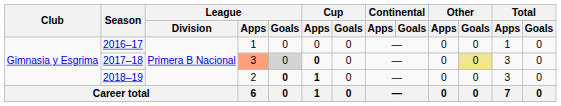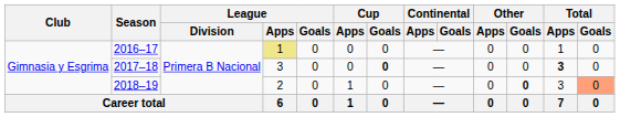 <table class="wikitable" style="text-align:center">
 <tr>
 <th rowspan="2">Club</th>
 <th rowspan="2">Season</th>
 <th colspan="3">League</th>
 <th colspan="2">Cup</th>
 <th colspan="2">Continental</th>
 <th colspan="2">Other</th>
 <th colspan="2">Total</th>
 </tr>
 <tr>
 <th>Division</th>
 <th>Apps</th>
 <th>Goals</th>
 <th>Apps</th>
 <th>Goals</th>
 <th>Apps</th>
 <th>Goals</th>
 <th>Apps</th>
 <th>Goals</th>
 <th>Apps</th>
 <th>Goals</th>
 </tr>
 <tr>
 <td rowspan="3"><a href='#'>Gimnasia y Esgrima</a></td>
 <td><a href='#'>2016–17</a></td>
 <td rowspan="3"><a href='#'>Primera B Nacional</a></td>
-<td>1</td>
+<td style="background: khaki;">1</td>
 <td>0</td>
 <td>0</td>
 <td>0</td>
 <td colspan="2">—</td>
 <td>0</td>
 <td>0</td>
 <td>1</td>
 <td>0</td>
 </tr>
 <tr>
 <td><a href='#'>2017–18</a></td>
-<td style="background: lightsalmon;">3</td>
-<td style="background: lightgrey;">0</td>
+<td>3</td>
+<td>0</td>
+<td>0</td>
 <td><strong>0</strong></td>
-<td>0</td>
 <td colspan="2">—</td>
 <td>0</td>
-<td style="background: khaki;">0</td>
-<td>3</td>
+<td>0</td>
+<td><strong>3</strong></td>
 <td>0</td>
 </tr>
 <tr>
 <td><a href='#'>2018–19</a></td>
 <td>2</td>
-<td><strong>0</strong></td>
-<td><strong>1</strong></td>
+<td>0</td>
+<td>1</td>
 <td>0</td>
 <td colspan="2">—</td>
 <td>0</td>
-<td>0</td>
+<td><strong>0</strong></td>
 <td>3</td>
-<td>0</td>
+<td style="background: lightsalmon;">0</td>
 </tr>
 <tr>
 <th colspan="3">Career total</th>
 <th>6</th>
 <th>0</th>
 <th>1</th>
 <th>0</th>
 <th colspan="2">—</th>
 <th>0</th>
 <th>0</th>
 <th>7</th>
 <th>0</th>
 </tr>
 </table>
